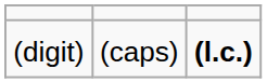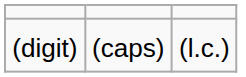 <table class="wikitable" style="line-height: 1.2">
 <tr align=center>
 <td></td>
 <td></td>
 <td></td>
 </tr>
 <tr align=center>
 <td><small>(digit)</small></td>
 <td><small>(caps)</small></td>
-<td><strong><small>(l.c.)</small></strong></td>
+<td><small>(l.c.)</small></td>
 </tr>
 </table>
